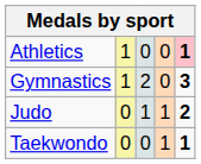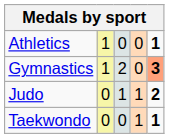 <table class="wikitable" style="font-size:90%; text-align:center;">
 <tr>
 <th colspan="5">Medals by sport</th>
 </tr>
 <tr>
 <td align="left"><a href='#'>Athletics</a></td>
 <td style="background:#F7F6A8;">1</td>
 <td style="background:#DCE5E5;">0</td>
 <td style="background:#FFDAB9;">0</td>
-<td style="background: pink;"><strong>1</strong></td>
+<td><strong>1</strong></td>
 </tr>
 <tr>
 <td align="left"><a href='#'>Gymnastics</a></td>
 <td style="background:#F7F6A8;">1</td>
 <td style="background:#DCE5E5;">2</td>
 <td style="background:#FFDAB9;">0</td>
-<td><strong>3</strong></td>
+<td style="background: lightsalmon;"><strong>3</strong></td>
 </tr>
 <tr>
 <td align="left"><a href='#'>Judo</a></td>
 <td style="background:#F7F6A8;">0</td>
 <td style="background:#DCE5E5;">1</td>
 <td style="background:#FFDAB9;">1</td>
 <td><strong>2</strong></td>
 </tr>
 <tr>
 <td align="left"><a href='#'>Taekwondo</a></td>
 <td style="background:#F7F6A8;">0</td>
 <td style="background:#DCE5E5;">0</td>
 <td style="background:#FFDAB9;">1</td>
 <td><strong>1</strong></td>
 </tr>
 </table>
